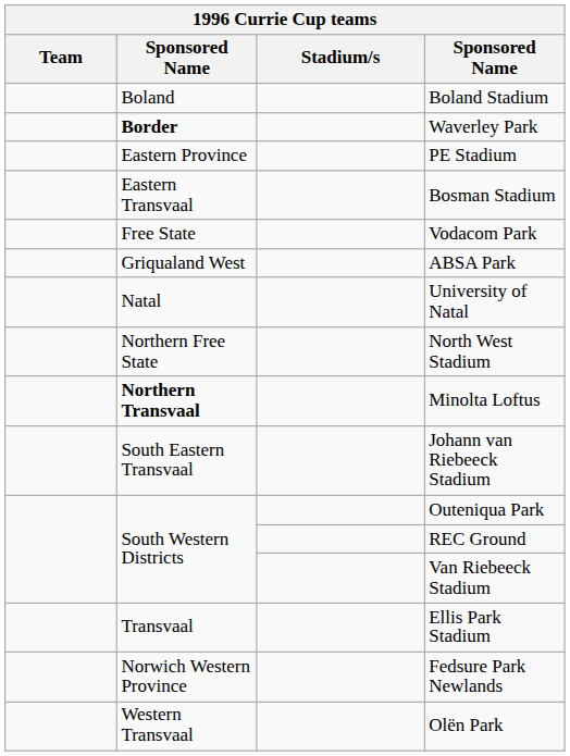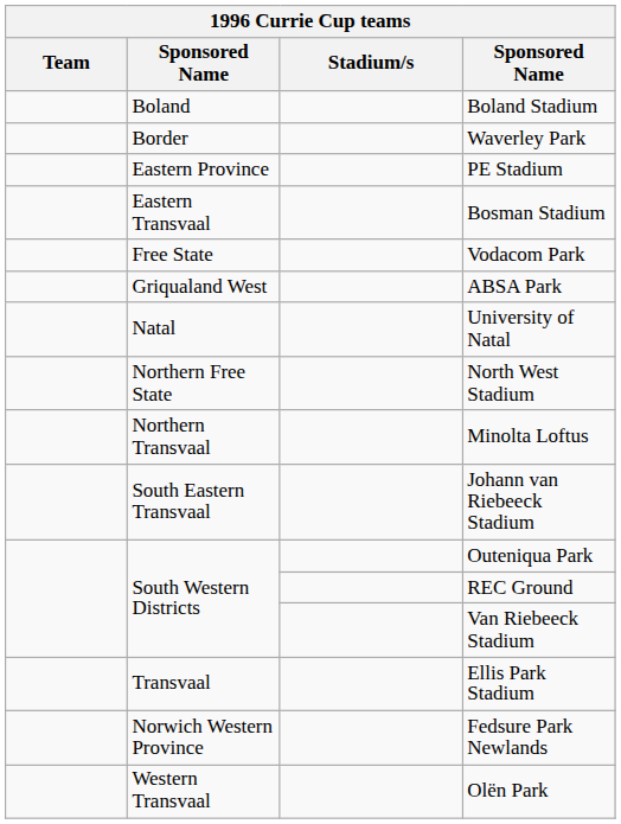 <table class="wikitable sortable" style="text-align:left; line-height:110%; font-size:90%; width:70%;">
 <tr>
 <th colspan="100%" align=center><strong>1996 Currie Cup teams</strong></th>
 </tr>
 <tr>
 <th width="20%">Team</th>
 <th width="25%">Sponsored Name</th>
 <th width="30%">Stadium/s</th>
 <th width="25%">Sponsored Name</th>
 </tr>
 <tr>
 <td></td>
 <td>Boland</td>
 <td></td>
 <td>Boland Stadium</td>
 </tr>
 <tr>
 <td></td>
-<td><strong>Border</strong></td>
+<td>Border</td>
 <td></td>
 <td>Waverley Park</td>
 </tr>
 <tr>
 <td></td>
 <td>Eastern Province</td>
 <td></td>
 <td>PE Stadium</td>
 </tr>
 <tr>
 <td></td>
 <td>Eastern Transvaal</td>
 <td></td>
 <td>Bosman Stadium</td>
 </tr>
 <tr>
 <td></td>
 <td>Free State</td>
 <td></td>
 <td>Vodacom Park</td>
 </tr>
 <tr>
 <td></td>
 <td>Griqualand West</td>
 <td></td>
 <td>ABSA Park</td>
 </tr>
 <tr>
 <td></td>
 <td>Natal</td>
 <td></td>
 <td>University of Natal</td>
 </tr>
 <tr>
 <td></td>
 <td>Northern Free State</td>
 <td></td>
 <td>North West Stadium</td>
 </tr>
 <tr>
 <td></td>
-<td><strong>Northern Transvaal</strong></td>
+<td>Northern Transvaal</td>
 <td></td>
 <td>Minolta Loftus</td>
 </tr>
 <tr>
 <td></td>
 <td>South Eastern Transvaal</td>
 <td></td>
 <td>Johann van Riebeeck Stadium</td>
 </tr>
 <tr>
 <td rowspan=3></td>
 <td rowspan=3>South Western Districts</td>
 <td></td>
 <td>Outeniqua Park</td>
 </tr>
 <tr>
 <td></td>
 <td>REC Ground</td>
 </tr>
 <tr>
 <td></td>
 <td>Van Riebeeck Stadium</td>
 </tr>
 <tr>
 <td></td>
 <td>Transvaal</td>
 <td></td>
 <td>Ellis Park Stadium</td>
 </tr>
 <tr>
 <td></td>
 <td>Norwich Western Province</td>
 <td></td>
 <td>Fedsure Park Newlands</td>
 </tr>
 <tr>
 <td></td>
 <td>Western Transvaal</td>
 <td></td>
 <td>Olën Park</td>
 </tr>
 </table>
